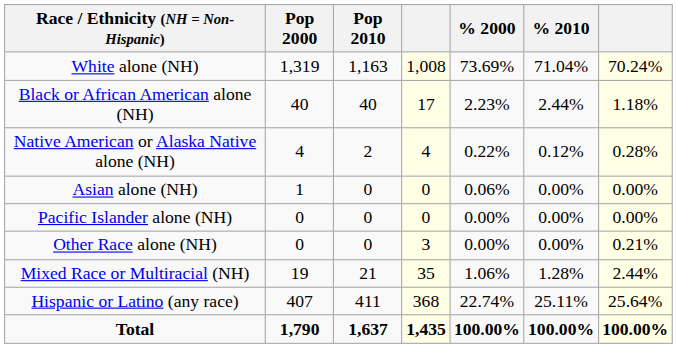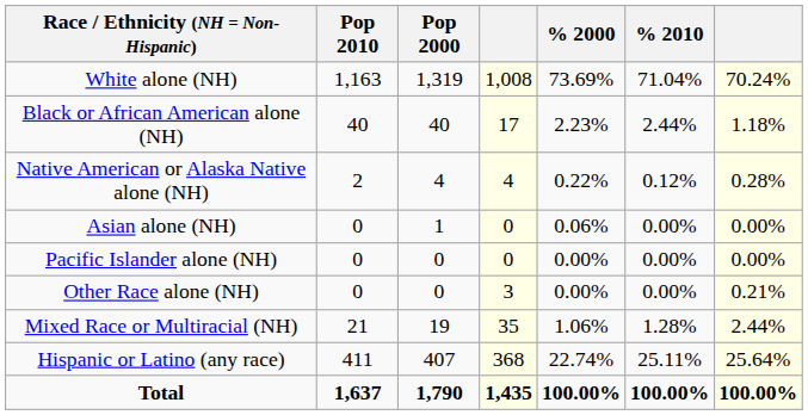 <table class="wikitable" style="text-align:center;">
 <tr>
 <th>Race / Ethnicity <small>(<em>NH = Non-Hispanic</em>)</small></th>
+<th>Pop 2010</th>
 <th>Pop 2000</th>
-<th>Pop 2010</th>
 <th></th>
 <th>% 2000</th>
 <th>% 2010</th>
 <th></th>
 </tr>
 <tr>
 <td><a href='#'>White</a> alone (NH)</td>
+<td>1,163</td>
 <td>1,319</td>
-<td>1,163</td>
 <td style='background: #ffffe6;'>1,008</td>
 <td>73.69%</td>
 <td>71.04%</td>
 <td style='background: #ffffe6;'>70.24%</td>
 </tr>
 <tr>
 <td><a href='#'>Black or African American</a> alone (NH)</td>
 <td>40</td>
 <td>40</td>
 <td style='background: #ffffe6;'>17</td>
 <td>2.23%</td>
 <td>2.44%</td>
 <td style='background: #ffffe6;'>1.18%</td>
 </tr>
 <tr>
 <td><a href='#'>Native American</a> or <a href='#'>Alaska Native</a> alone (NH)</td>
+<td>2</td>
 <td>4</td>
-<td>2</td>
 <td style='background: #ffffe6;'>4</td>
 <td>0.22%</td>
 <td>0.12%</td>
 <td style='background: #ffffe6;'>0.28%</td>
 </tr>
 <tr>
 <td><a href='#'>Asian</a> alone (NH)</td>
+<td>0</td>
 <td>1</td>
-<td>0</td>
 <td style='background: #ffffe6;'>0</td>
 <td>0.06%</td>
 <td>0.00%</td>
 <td style='background: #ffffe6;'>0.00%</td>
 </tr>
 <tr>
 <td><a href='#'>Pacific Islander</a> alone (NH)</td>
 <td>0</td>
 <td>0</td>
 <td style='background: #ffffe6;'>0</td>
 <td>0.00%</td>
 <td>0.00%</td>
 <td style='background: #ffffe6;'>0.00%</td>
 </tr>
 <tr>
 <td><a href='#'>Other Race</a> alone (NH)</td>
 <td>0</td>
 <td>0</td>
 <td style='background: #ffffe6;'>3</td>
 <td>0.00%</td>
 <td>0.00%</td>
 <td style='background: #ffffe6;'>0.21%</td>
 </tr>
 <tr>
 <td><a href='#'>Mixed Race or Multiracial</a> (NH)</td>
+<td>21</td>
 <td>19</td>
-<td>21</td>
 <td style='background: #ffffe6;'>35</td>
 <td>1.06%</td>
 <td>1.28%</td>
 <td style='background: #ffffe6;'>2.44%</td>
 </tr>
 <tr>
 <td><a href='#'>Hispanic or Latino</a> (any race)</td>
+<td>411</td>
 <td>407</td>
-<td>411</td>
 <td style='background: #ffffe6;'>368</td>
 <td>22.74%</td>
 <td>25.11%</td>
 <td style='background: #ffffe6;'>25.64%</td>
 </tr>
 <tr>
 <td><strong>Total</strong></td>
+<td><strong>1,637</strong></td>
 <td><strong>1,790</strong></td>
-<td><strong>1,637</strong></td>
 <td style='background: #ffffe6;'><strong>1,435</strong></td>
 <td><strong>100.00%</strong></td>
 <td><strong>100.00%</strong></td>
 <td style='background: #ffffe6;'><strong>100.00%</strong></td>
 </tr>
 </table>
